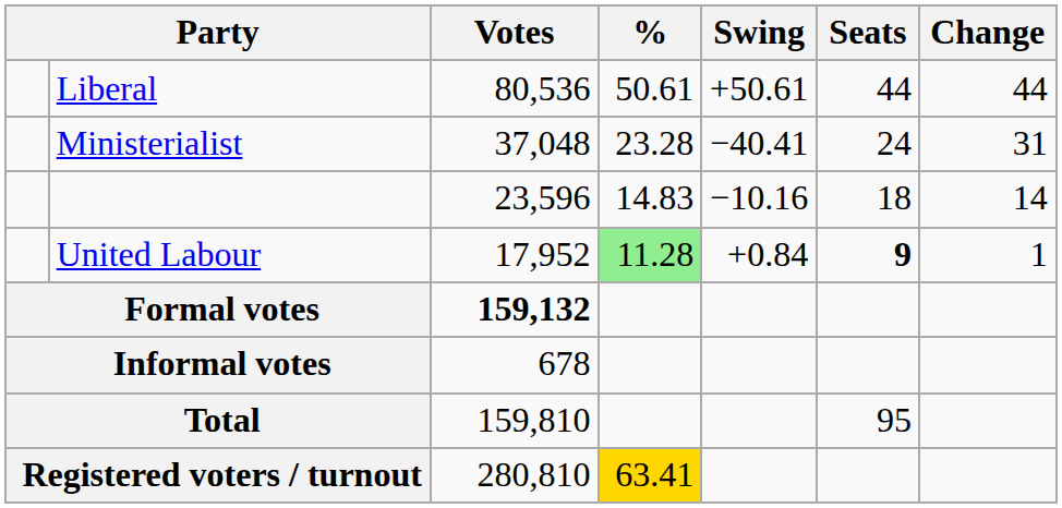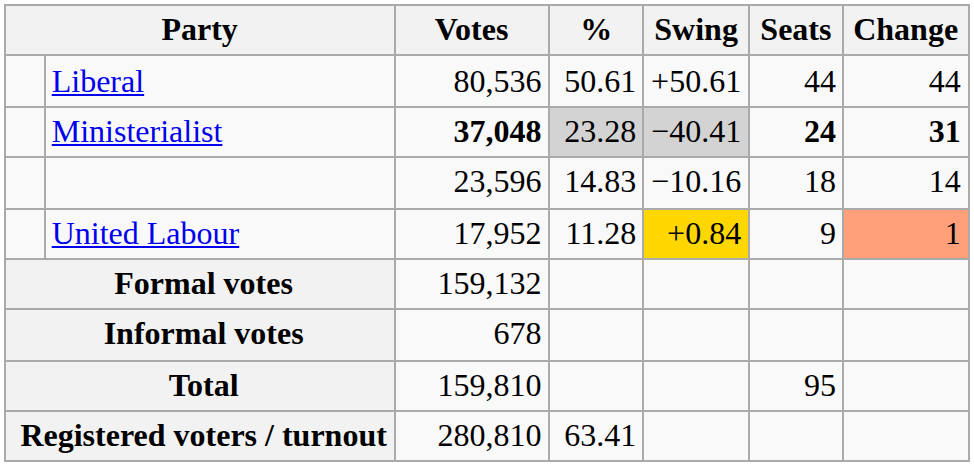 <table class="wikitable" style="text-align:right; margin-bottom:0">
 <tr>
 <th style="width:10px;" colspan=3>Party</th>
 <th style="width:70px;">Votes</th>
 <th style="width:40px;">%</th>
 <th style="width:40px;">Swing</th>
 <th style="width:40px;">Seats</th>
 <th style="width:40px;">Change</th>
 </tr>
 <tr>
 <td> </td>
 <td style="text-align:left;" colspan="2"><a href='#'>Liberal</a></td>
 <td style="width:70px;">80,536</td>
 <td style="width:40px;">50.61</td>
 <td style="width:45px;">+50.61</td>
 <td style="width:40px;">44</td>
 <td style="width:55px;"> 44</td>
 </tr>
 <tr>
 <td> </td>
 <td style="text-align:left;" colspan="2"><a href='#'>Ministerialist</a></td>
-<td>37,048</td>
-<td>23.28</td>
-<td>−40.41</td>
-<td>24</td>
-<td> 31</td>
+<td><strong>37,048</strong></td>
+<td style="background: lightgrey;">23.28</td>
+<td style="background: lightgrey;">−40.41</td>
+<td><strong>24</strong></td>
+<td><strong> 31</strong></td>
 </tr>
 <tr>
 <td> </td>
 <td style="text-align:left;" colspan="2"></td>
 <td>23,596</td>
 <td>14.83</td>
 <td>−10.16</td>
 <td>18</td>
 <td> 14</td>
 </tr>
 <tr>
 <td> </td>
 <td style="text-align:left;" colspan="2"><a href='#'>United Labour</a></td>
 <td style="width:70px;">17,952</td>
-<td style="background: lightgreen; width:40px;">11.28</td>
-<td style="width:45px;">+0.84</td>
-<td style="width:40px;"><strong>9</strong></td>
-<td style="width:55px;"> 1</td>
+<td style="width:40px;">11.28</td>
+<td style="background: gold; width:45px;">+0.84</td>
+<td style="width:40px;">9</td>
+<td style="background: lightsalmon; width:55px;"> 1</td>
 </tr>
 <tr>
 <th colspan="3"> Formal votes</th>
-<td><strong>159,132</strong></td>
+<td>159,132</td>
 <td></td>
 <td></td>
 <td></td>
 <td></td>
 </tr>
 <tr>
 <th colspan="3"> Informal votes</th>
 <td>678</td>
 <td></td>
 <td></td>
 <td></td>
 <td></td>
 </tr>
 <tr>
 <th colspan="3"> Total</th>
 <td>159,810</td>
 <td></td>
 <td></td>
 <td>95</td>
 <td></td>
 </tr>
 <tr>
 <th colspan="3"> Registered voters / turnout</th>
 <td>280,810</td>
-<td style="background: gold;">63.41</td>
+<td>63.41</td>
 <td></td>
 <td></td>
 <td></td>
 </tr>
 <tr>
 </tr>
 </table>
